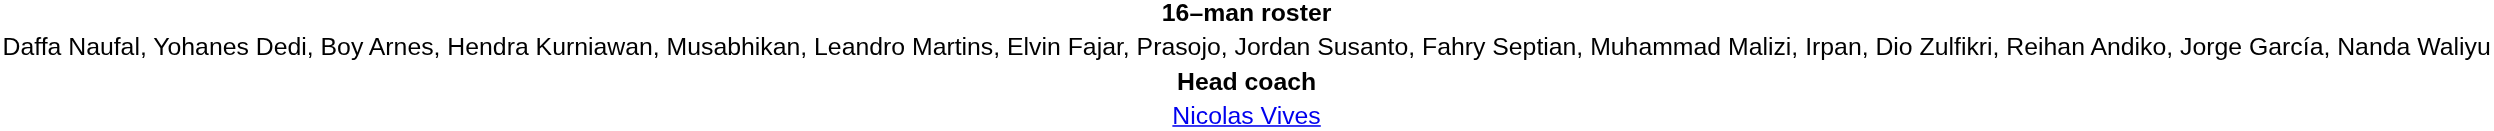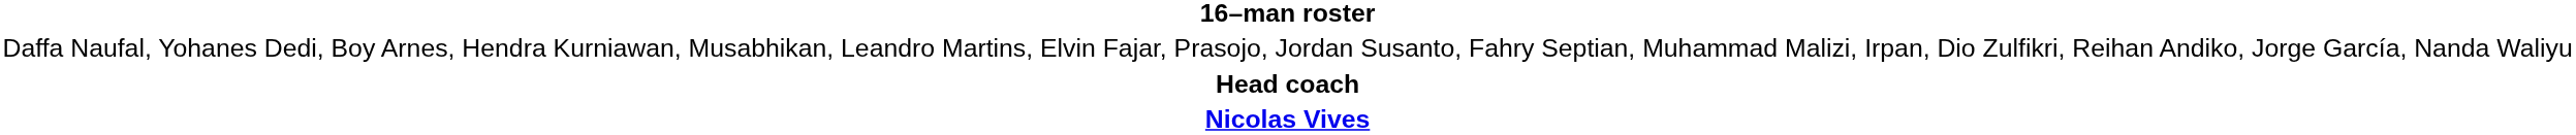 <table style="text-align:center; margin-top:2em; margin-left:auto; margin-right:auto">
 <tr>
 <td><strong>16–man roster</strong></td>
 </tr>
 <tr>
 <td>Daffa Naufal, Yohanes Dedi, Boy Arnes, Hendra Kurniawan, Musabhikan, Leandro Martins, Elvin Fajar, Prasojo, Jordan Susanto, Fahry Septian, Muhammad Malizi, Irpan, Dio Zulfikri, Reihan Andiko, Jorge García, Nanda Waliyu</td>
 </tr>
 <tr>
 <td><strong>Head coach</strong></td>
 </tr>
 <tr>
-<td><a href='#'>Nicolas Vives</a></td>
+<td><strong><a href='#'>Nicolas Vives</a></strong></td>
 </tr>
 </table>
